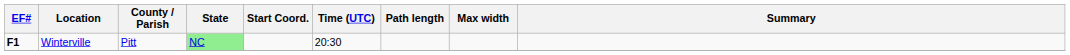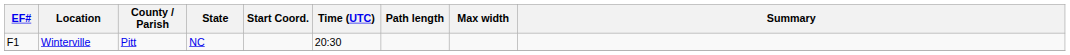 <table class="wikitable sortable" style="width:100%;">
 <tr>
 <th scope="col"  style="width:3%; text-align:center;"><a href='#'>EF#</a></th>
 <th scope="col"  style="width:7%; text-align:center;" class="unsortable">Location</th>
 <th scope="col"  style="width:6%; text-align:center;" class="unsortable">County / Parish</th>
 <th scope="col"  style="width:5%; text-align:center;">State</th>
 <th scope="col"  style="width:6%; text-align:center;">Start Coord.</th>
 <th scope="col"  style="width:6%; text-align:center;">Time (<a href='#'>UTC</a>)</th>
 <th scope="col"  style="width:6%; text-align:center;">Path length</th>
 <th scope="col"  style="width:6%; text-align:center;">Max width</th>
 <th scope="col" class="unsortable" style="width:48%; text-align:center;">Summary</th>
 </tr>
 <tr>
-<td bgcolor=><strong>F1</strong></td>
+<td bgcolor=>F1</td>
 <td><a href='#'>Winterville</a></td>
 <td><a href='#'>Pitt</a></td>
-<td style="background: lightgreen;"><a href='#'>NC</a></td>
+<td><a href='#'>NC</a></td>
 <td></td>
 <td>20:30</td>
 <td></td>
 <td></td>
 <td></td>
 </tr>
 <tr>
 </tr>
 </table>
